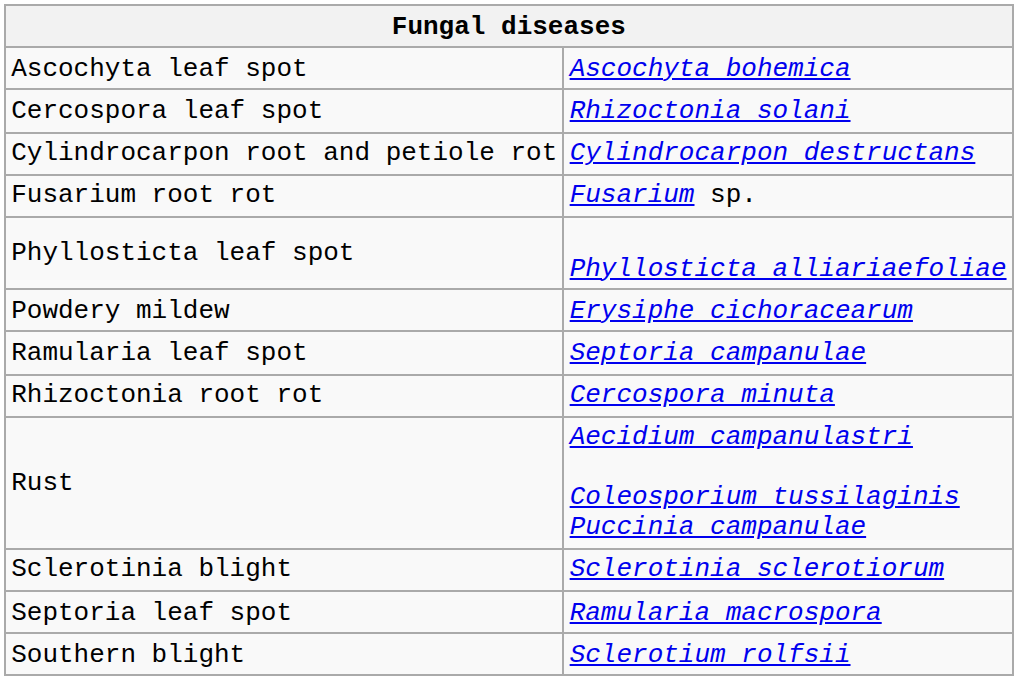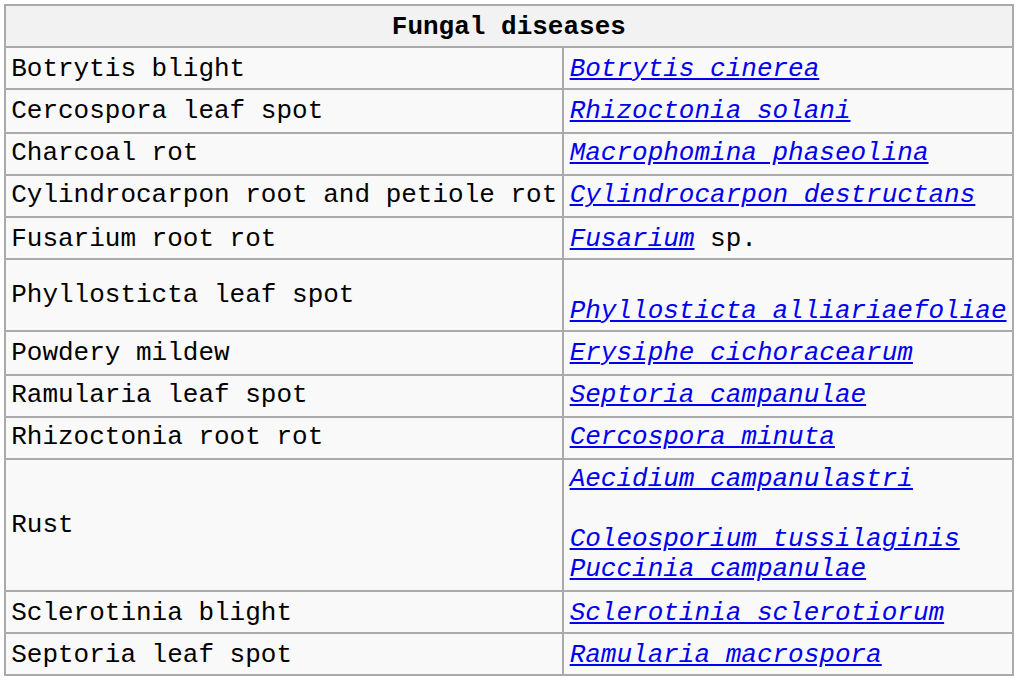 <table class="wikitable" style="clear:left">
 <tr>
 <th colspan=2><strong>Fungal diseases</strong><br></th>
 </tr>
 <tr>
-<td>Ascochyta leaf spot</td>
-<td><em><a href='#'>Ascochyta bohemica</a></em></td>
+<td>Botrytis blight</td>
+<td><em><a href='#'>Botrytis cinerea</a></em></td>
 </tr>
 <tr>
 <td>Cercospora leaf spot</td>
 <td><em><a href='#'>Rhizoctonia solani</a></em></td>
+</tr>
+<tr>
+<td>Charcoal rot</td>
+<td><em><a href='#'>Macrophomina phaseolina</a></em></td>
 </tr>
 <tr>
 <td>Cylindrocarpon root and petiole rot</td>
 <td><em><a href='#'>Cylindrocarpon destructans</a></em></td>
 </tr>
 <tr>
 <td>Fusarium root rot</td>
 <td><em><a href='#'>Fusarium</a></em> sp.</td>
 </tr>
 <tr>
 <td>Phyllosticta leaf spot</td>
 <td><br><em><a href='#'>Phyllosticta alliariaefoliae</a></em></td>
 </tr>
 <tr>
 <td>Powdery mildew</td>
 <td><em><a href='#'>Erysiphe cichoracearum</a></em></td>
 </tr>
 <tr>
 <td>Ramularia leaf spot</td>
 <td><em><a href='#'>Septoria campanulae</a></em></td>
 </tr>
 <tr>
 <td>Rhizoctonia root rot</td>
 <td><em><a href='#'>Cercospora minuta</a></em></td>
 </tr>
 <tr>
 <td>Rust</td>
 <td><em><a href='#'>Aecidium campanulastri</a></em><br><br><em><a href='#'>Coleosporium tussilaginis</a></em><br> <em><a href='#'>Puccinia campanulae</a></em></td>
 </tr>
 <tr>
 <td>Sclerotinia blight</td>
 <td><em><a href='#'>Sclerotinia sclerotiorum</a></em></td>
 </tr>
 <tr>
 <td>Septoria leaf spot</td>
 <td><em><a href='#'>Ramularia macrospora</a></em></td>
 </tr>
 <tr>
-<td>Southern blight</td>
-<td><em><a href='#'>Sclerotium rolfsii</a></em></td>
-</tr>
-<tr>
 </tr>
 </table>
